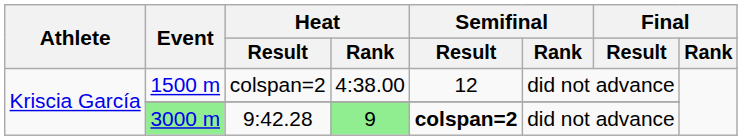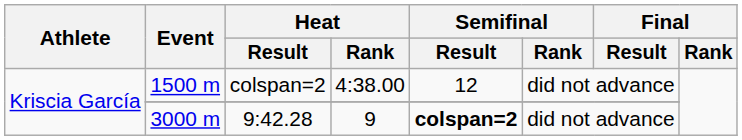 <table class="wikitable" style="font-size:90%; text-align: center">
 <tr>
 <th rowspan="2">Athlete</th>
 <th rowspan="2">Event</th>
 <th colspan="2">Heat</th>
 <th colspan="2">Semifinal</th>
 <th colspan="2">Final</th>
 </tr>
 <tr style="font-size:95%">
 <th>Result</th>
 <th>Rank</th>
 <th>Result</th>
 <th>Rank</th>
 <th>Result</th>
 <th>Rank</th>
 </tr>
 <tr align=center>
 <td align=left rowspan=3><a href='#'>Kriscia García</a></td>
 <td align=left><a href='#'>1500 m</a></td>
 <td>colspan=2 </td>
 <td>4:38.00</td>
 <td>12</td>
 <td colspan=2>did not advance</td>
 </tr>
 <tr>
 </tr>
 <tr align=center>
-<td align=left style="background: lightgreen;"><a href='#'>3000 m</a></td>
+<td align=left><a href='#'>3000 m</a></td>
 <td>9:42.28</td>
-<td style="background: lightgreen;">9</td>
+<td>9</td>
 <td><strong>colspan=2 </strong></td>
 <td colspan=2>did not advance</td>
 </tr>
 </table>
